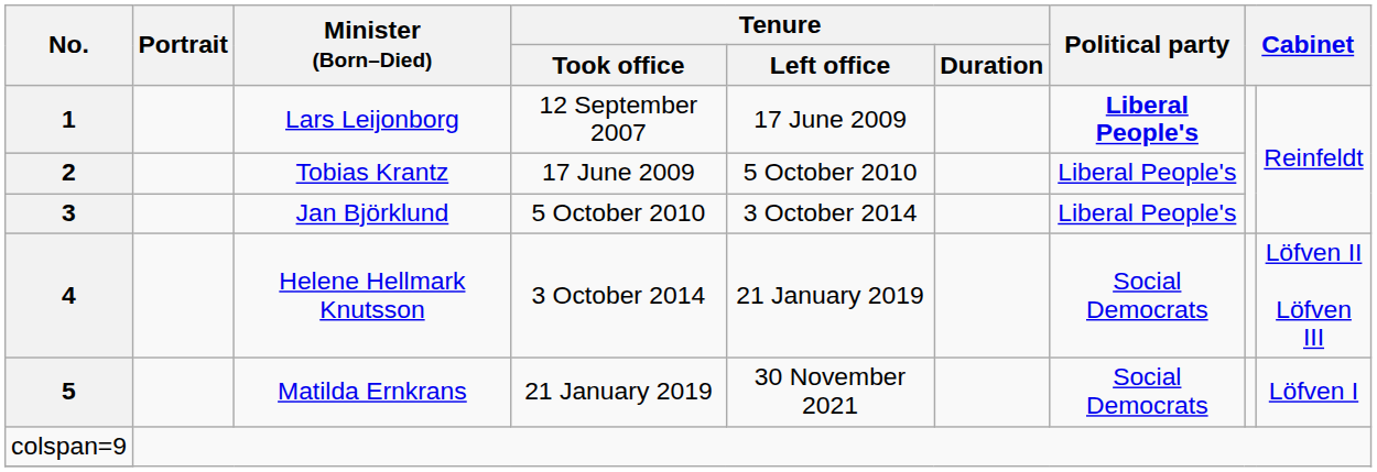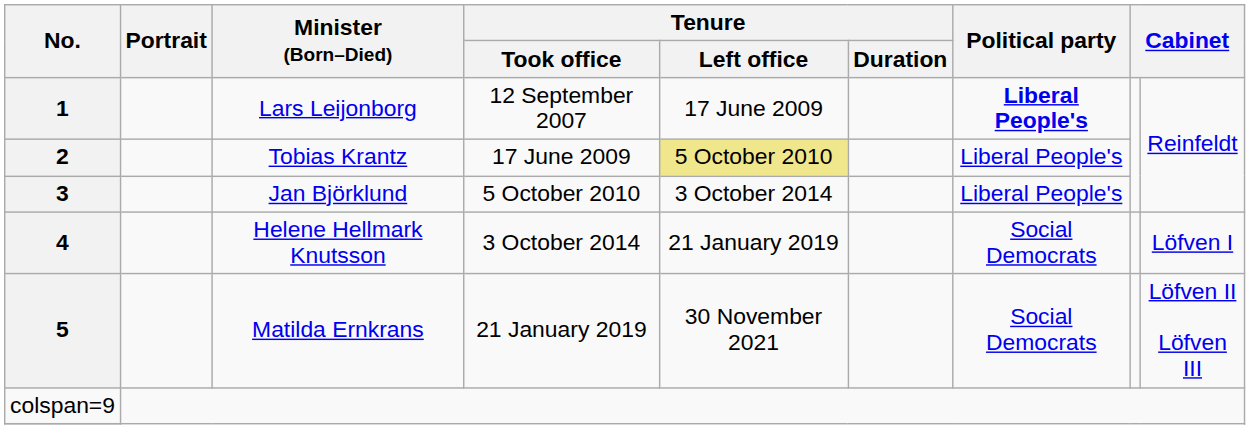 <table class="wikitable" style="text-align: center;">
 <tr>
 <th rowspan="2">No.</th>
 <th rowspan="2">Portrait</th>
 <th rowspan="2">Minister<br><small>(Born–Died)</small></th>
 <th colspan="3">Tenure</th>
 <th rowspan="2">Political party</th>
 <th rowspan="2" colspan="2"><a href='#'>Cabinet</a></th>
 </tr>
 <tr>
 <th>Took office</th>
 <th>Left office</th>
 <th>Duration</th>
 </tr>
 <tr>
 <th style="background: ">1</th>
 <td></td>
 <td><a href='#'>Lars Leijonborg</a><br></td>
 <td>12 September 2007</td>
 <td>17 June 2009</td>
 <td></td>
 <td><strong><a href='#'>Liberal People's</a></strong></td>
 <td rowspan="3" style="background: "></td>
 <td rowspan="3"><a href='#'>Reinfeldt</a><br></td>
 </tr>
 <tr>
 <th style="background: ">2</th>
 <td></td>
 <td><a href='#'>Tobias Krantz</a><br></td>
 <td>17 June 2009</td>
-<td>5 October 2010</td>
+<td style="background: khaki;">5 October 2010</td>
 <td></td>
 <td><a href='#'>Liberal People's</a></td>
 </tr>
 <tr>
 <th style="background: ">3</th>
 <td></td>
 <td><a href='#'>Jan Björklund</a><br></td>
 <td>5 October 2010</td>
 <td>3 October 2014</td>
 <td></td>
 <td><a href='#'>Liberal People's</a></td>
 </tr>
 <tr>
 <th style="background: ">4</th>
 <td></td>
 <td><a href='#'>Helene Hellmark Knutsson</a><br></td>
 <td>3 October 2014</td>
 <td>21 January 2019</td>
 <td></td>
 <td><a href='#'>Social Democrats</a></td>
 <td style="background: "></td>
-<td><a href='#'>Löfven II</a><br> <br> <a href='#'>Löfven III</a><br></td>
+<td><a href='#'>Löfven I</a><br></td>
 </tr>
 <tr>
 <th style="background: ">5</th>
 <td></td>
 <td><a href='#'>Matilda Ernkrans</a><br></td>
 <td>21 January 2019</td>
 <td>30 November 2021</td>
 <td></td>
 <td><a href='#'>Social Democrats</a></td>
 <td style="background: "></td>
-<td><a href='#'>Löfven I</a><br></td>
+<td><a href='#'>Löfven II</a><br> <br> <a href='#'>Löfven III</a><br></td>
 </tr>
 <tr>
 <td>colspan=9 </td>
 </tr>
 <tr>
 </tr>
 </table>
